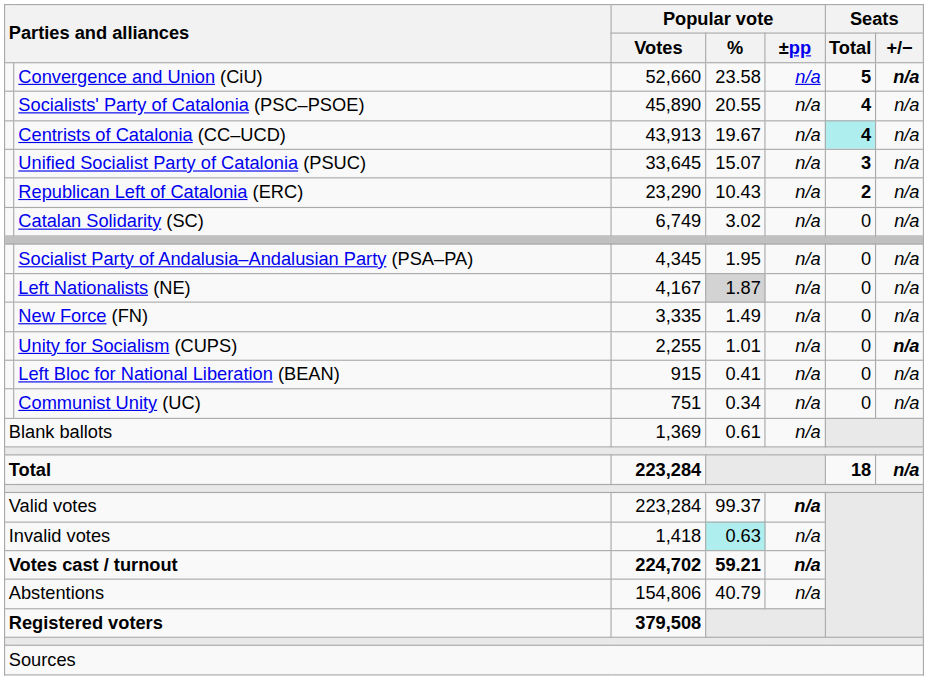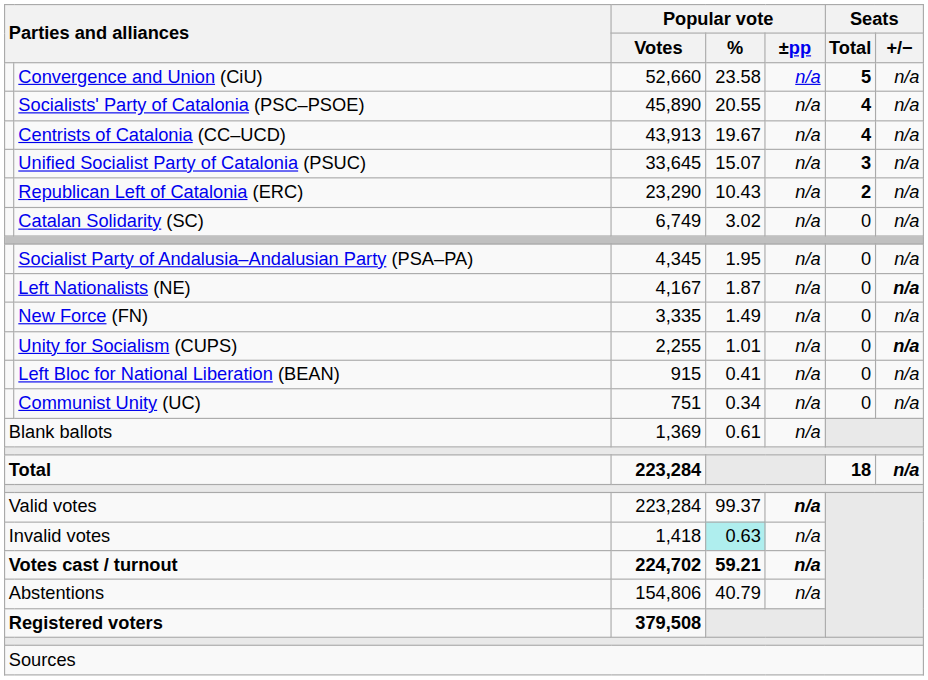 <table class="wikitable" style="text-align:right;">
 <tr>
 <th style="text-align:left;" rowspan="2" colspan="2" width="525">Parties and alliances</th>
 <th colspan="3">Popular vote</th>
 <th colspan="2">Seats</th>
 </tr>
 <tr>
 <th width="75">Votes</th>
 <th width="45">%</th>
 <th width="45">±<a href='#'>pp</a></th>
 <th width="35">Total</th>
 <th width="35">+/−</th>
 </tr>
 <tr>
 <td width="1" style="color:inherit;background:"></td>
 <td align="left"><a href='#'>Convergence and Union</a> (CiU)</td>
 <td>52,660</td>
 <td>23.58</td>
 <td><em><a href='#'>n/a</a></em></td>
 <td><strong>5</strong></td>
-<td><strong><em>n/a</em></strong></td>
+<td><em>n/a</em></td>
 </tr>
 <tr>
 <td style="color:inherit;background:"></td>
 <td align="left"><a href='#'>Socialists' Party of Catalonia</a> (PSC–PSOE)</td>
 <td>45,890</td>
 <td>20.55</td>
 <td><em>n/a</em></td>
 <td><strong>4</strong></td>
 <td><em>n/a</em></td>
 </tr>
 <tr>
 <td style="color:inherit;background:"></td>
 <td align="left"><a href='#'>Centrists of Catalonia</a> (CC–UCD)</td>
 <td>43,913</td>
 <td>19.67</td>
 <td><em>n/a</em></td>
-<td style="background: paleturquoise;"><strong>4</strong></td>
+<td><strong>4</strong></td>
 <td><em>n/a</em></td>
 </tr>
 <tr>
 <td style="color:inherit;background:"></td>
 <td align="left"><a href='#'>Unified Socialist Party of Catalonia</a> (PSUC)</td>
 <td>33,645</td>
 <td>15.07</td>
 <td><em>n/a</em></td>
 <td><strong>3</strong></td>
 <td><em>n/a</em></td>
 </tr>
 <tr>
 <td style="color:inherit;background:"></td>
 <td align="left"><a href='#'>Republican Left of Catalonia</a> (ERC)</td>
 <td>23,290</td>
 <td>10.43</td>
 <td><em>n/a</em></td>
 <td><strong>2</strong></td>
 <td><em>n/a</em></td>
 </tr>
 <tr>
 <td style="color:inherit;background:"></td>
 <td align="left"><a href='#'>Catalan Solidarity</a> (SC)</td>
 <td>6,749</td>
 <td>3.02</td>
 <td><em>n/a</em></td>
 <td>0</td>
 <td><em>n/a</em></td>
 </tr>
 <tr>
 <td colspan="7" bgcolor="#C0C0C0"></td>
 </tr>
 <tr>
 <td style="color:inherit;background:"></td>
 <td align="left"><a href='#'>Socialist Party of Andalusia–Andalusian Party</a> (PSA–PA)</td>
 <td>4,345</td>
 <td>1.95</td>
 <td><em>n/a</em></td>
 <td>0</td>
 <td><em>n/a</em></td>
 </tr>
 <tr>
 <td style="color:inherit;background:"></td>
 <td align="left"><a href='#'>Left Nationalists</a> (NE)</td>
 <td>4,167</td>
-<td style="background: lightgrey;">1.87</td>
+<td>1.87</td>
 <td><em>n/a</em></td>
 <td>0</td>
-<td><em>n/a</em></td>
+<td><strong><em>n/a</em></strong></td>
 </tr>
 <tr>
 <td style="color:inherit;background:"></td>
 <td align="left"><a href='#'>New Force</a> (FN)</td>
 <td>3,335</td>
 <td>1.49</td>
 <td><em>n/a</em></td>
 <td>0</td>
 <td><em>n/a</em></td>
 </tr>
 <tr>
 <td style="color:inherit;background:"></td>
 <td align="left"><a href='#'>Unity for Socialism</a> (CUPS)</td>
 <td>2,255</td>
 <td>1.01</td>
 <td><em>n/a</em></td>
 <td>0</td>
 <td><strong><em>n/a</em></strong></td>
 </tr>
 <tr>
 <td style="color:inherit;background:"></td>
 <td align="left"><a href='#'>Left Bloc for National Liberation</a> (BEAN)</td>
 <td>915</td>
 <td>0.41</td>
 <td><em>n/a</em></td>
 <td>0</td>
 <td><em>n/a</em></td>
 </tr>
 <tr>
 <td style="color:inherit;background:"></td>
 <td align="left"><a href='#'>Communist Unity</a> (UC)</td>
 <td>751</td>
 <td>0.34</td>
 <td><em>n/a</em></td>
 <td>0</td>
 <td><em>n/a</em></td>
 </tr>
 <tr>
 <td align="left" colspan="2">Blank ballots</td>
 <td>1,369</td>
 <td>0.61</td>
 <td><em>n/a</em></td>
 <td bgcolor="#E9E9E9" colspan="2"></td>
 </tr>
 <tr>
 <td colspan="7" bgcolor="#E9E9E9"></td>
 </tr>
 <tr style="font-weight:bold;">
 <td align="left" colspan="2">Total</td>
 <td>223,284</td>
 <td bgcolor="#E9E9E9" colspan="2"></td>
 <td>18</td>
 <td><em>n/a</em></td>
 </tr>
 <tr>
 <td colspan="7" bgcolor="#E9E9E9"></td>
 </tr>
 <tr>
 <td align="left" colspan="2">Valid votes</td>
 <td>223,284</td>
 <td>99.37</td>
 <td><strong><em>n/a</em></strong></td>
 <td bgcolor="#E9E9E9" colspan="2" rowspan="5"></td>
 </tr>
 <tr>
 <td align="left" colspan="2">Invalid votes</td>
 <td>1,418</td>
 <td style="background: paleturquoise;">0.63</td>
 <td><em>n/a</em></td>
 </tr>
 <tr style="font-weight:bold;">
 <td align="left" colspan="2">Votes cast / turnout</td>
 <td>224,702</td>
 <td>59.21</td>
 <td><em>n/a</em></td>
 </tr>
 <tr>
 <td align="left" colspan="2">Abstentions</td>
 <td>154,806</td>
 <td>40.79</td>
 <td><em>n/a</em></td>
 </tr>
 <tr style="font-weight:bold;">
 <td align="left" colspan="2">Registered voters</td>
 <td>379,508</td>
 <td bgcolor="#E9E9E9" colspan="2"></td>
 </tr>
 <tr>
 <td colspan="7" bgcolor="#E9E9E9"></td>
 </tr>
 <tr>
 <td align="left" colspan="7">Sources</td>
 </tr>
 </table>
